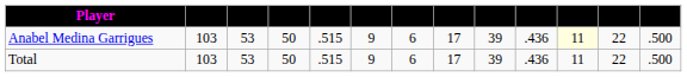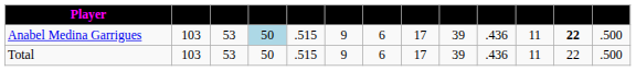 <table class="wikitable" style="text-align:center">
 <tr>
 <th style="background:black; color:magenta" width="200px">Player</th>
 <th style="background:black; color:magenta" width="40px"></th>
 <th style="background:black; color:magenta" width="40px"></th>
 <th style="background:black; color:magenta" width="40px"></th>
 <th style="background:black; color:magenta" width="40px"></th>
 <th style="background:black; color:magenta" width="40px"></th>
 <th style="background:black; color:magenta" width="40px"></th>
 <th style="background:black; color:magenta" width="40px"></th>
 <th style="background:black; color:magenta" width="40px"></th>
 <th style="background:black; color:magenta" width="40px"></th>
 <th style="background:black; color:magenta" width="40px"></th>
 <th style="background:black; color:magenta" width="40px"></th>
 <th style="background:black; color:magenta" width="40px"></th>
 </tr>
 <tr>
 <td style="text-align:left"><a href='#'>Anabel Medina Garrigues</a></td>
 <td>103</td>
 <td>53</td>
-<td>50</td>
+<td style="background: lightblue;">50</td>
 <td>.515</td>
 <td>9</td>
 <td>6</td>
 <td>17</td>
 <td>39</td>
 <td>.436</td>
-<td style="background: lightyellow;">11</td>
-<td>22</td>
+<td>11</td>
+<td><strong>22</strong></td>
 <td>.500</td>
 </tr>
 <tr>
 <td style="text-align:left">Total</td>
 <td>103</td>
 <td>53</td>
 <td>50</td>
 <td>.515</td>
 <td>9</td>
 <td>6</td>
 <td>17</td>
 <td>39</td>
 <td>.436</td>
 <td>11</td>
 <td>22</td>
 <td>.500</td>
 </tr>
 </table>
